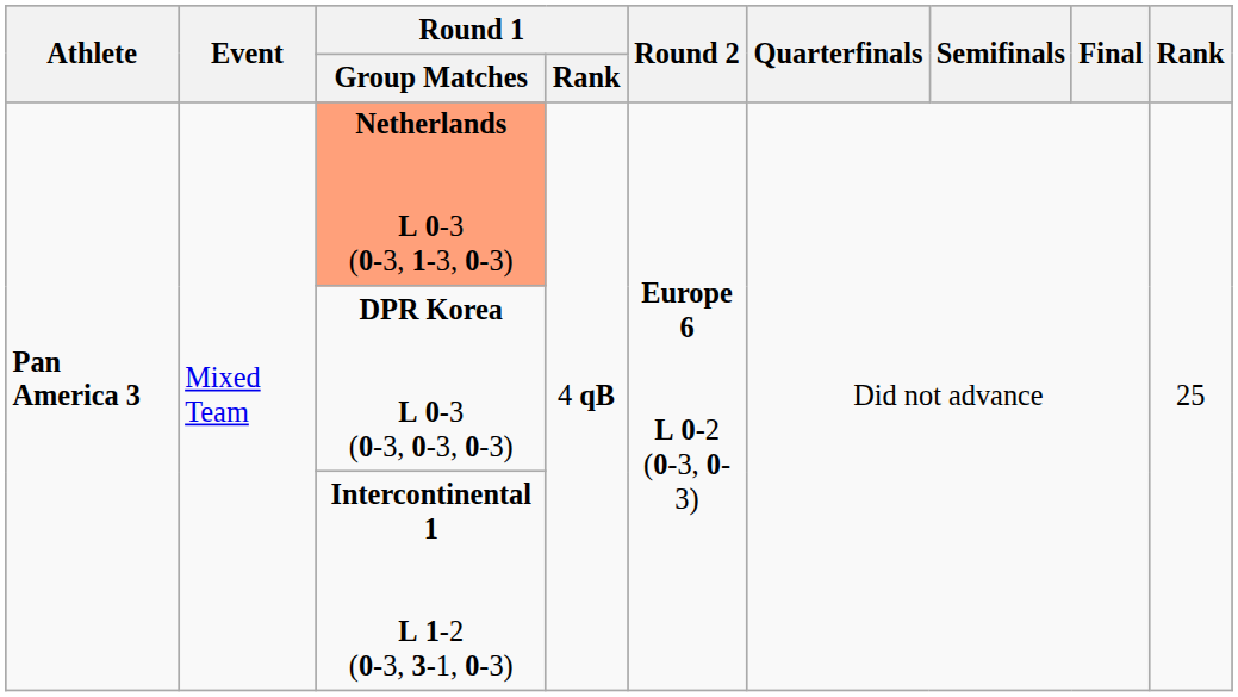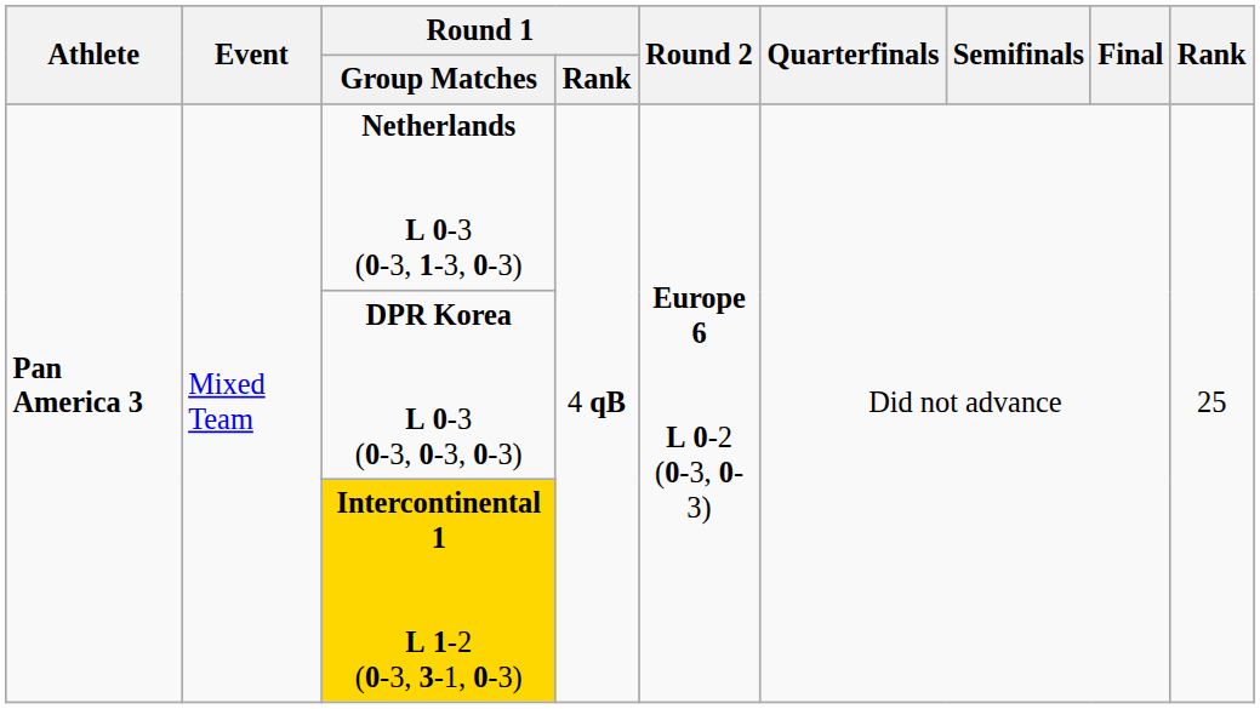 <table class="wikitable" border="1" style="font-size:90%">
 <tr>
 <th rowspan=2>Athlete</th>
 <th rowspan=2>Event</th>
 <th colspan=2>Round 1</th>
 <th rowspan=2>Round 2</th>
 <th rowspan=2>Quarterfinals</th>
 <th rowspan=2>Semifinals</th>
 <th rowspan=2>Final</th>
 <th rowspan=2>Rank</th>
 </tr>
 <tr>
 <th>Group Matches</th>
 <th>Rank</th>
 </tr>
 <tr>
 <td rowspan=3><strong>Pan America 3</strong><br><br></td>
 <td rowspan=3><a href='#'>Mixed Team</a></td>
-<td align=center style="background: lightsalmon;"><strong>Netherlands</strong><br><br><br> <strong>L</strong> <strong>0</strong>-3 <br> (<strong>0</strong>-3, <strong>1</strong>-3, <strong>0</strong>-3)</td>
+<td align=center><strong>Netherlands</strong><br><br><br> <strong>L</strong> <strong>0</strong>-3 <br> (<strong>0</strong>-3, <strong>1</strong>-3, <strong>0</strong>-3)</td>
 <td rowspan=3 align=center>4 <strong>qB</strong></td>
 <td align=center rowspan=3><strong>Europe 6</strong><br><br><br> <strong>L</strong> <strong>0</strong>-2 <br> (<strong>0</strong>-3, <strong>0</strong>-3)</td>
 <td rowspan=3 colspan=3 align=center>Did not advance</td>
 <td rowspan=3 align=center>25</td>
 </tr>
 <tr>
 <td align=center><strong>DPR Korea</strong><br><br><br> <strong>L</strong> <strong>0</strong>-3 <br> (<strong>0</strong>-3, <strong>0</strong>-3, <strong>0</strong>-3)</td>
 </tr>
 <tr>
-<td align=center><strong>Intercontinental 1</strong><br><br><br> <strong>L</strong> <strong>1</strong>-2 <br> (<strong>0</strong>-3, <strong>3</strong>-1, <strong>0</strong>-3)</td>
+<td align=center style="background: gold;"><strong>Intercontinental 1</strong><br><br><br> <strong>L</strong> <strong>1</strong>-2 <br> (<strong>0</strong>-3, <strong>3</strong>-1, <strong>0</strong>-3)</td>
 </tr>
 </table>
